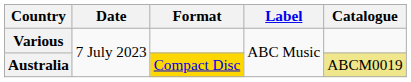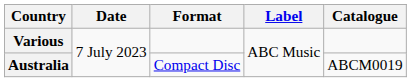 <table class="wikitable plainrowheaders">
 <tr>
 <th scope="col">Country</th>
 <th scope="col">Date</th>
 <th scope="col">Format</th>
 <th scope="col"><a href='#'>Label</a></th>
 <th scope="col">Catalogue</th>
 </tr>
 <tr>
 <th scope="row">Various</th>
 <td rowspan="2">7 July 2023</td>
 <td></td>
 <td rowspan="2">ABC Music</td>
 <td></td>
 </tr>
 <tr>
 <th scope="row">Australia</th>
-<td style="background: gold;"><a href='#'>Compact Disc</a></td>
-<td style="background: khaki;">ABCM0019</td>
+<td><a href='#'>Compact Disc</a></td>
+<td>ABCM0019</td>
 </tr>
 </table>
